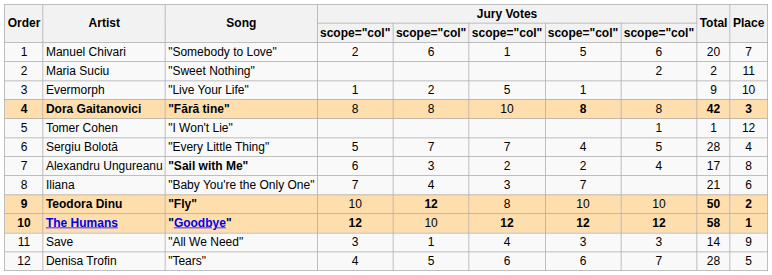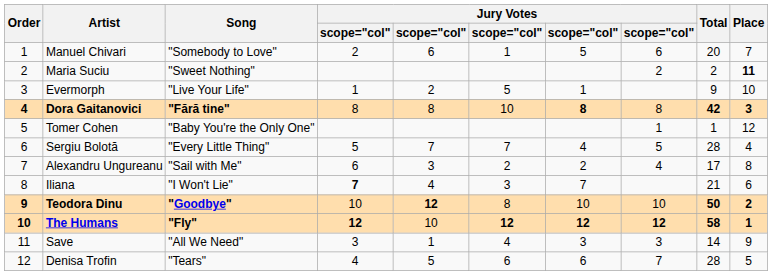 <table class="sortable wikitable" style="margin: 1em auto 1em auto; text-align:center;">
 <tr>
 <th rowspan="2">Order</th>
 <th rowspan="2">Artist</th>
 <th rowspan="2">Song</th>
 <th colspan="5">Jury Votes</th>
 <th rowspan="2">Total</th>
 <th rowspan="2">Place</th>
 </tr>
 <tr>
 <th>scope="col" </th>
 <th>scope="col" </th>
 <th>scope="col" </th>
 <th>scope="col" </th>
 <th>scope="col" </th>
 </tr>
 <tr>
 <td>1</td>
 <td align="left">Manuel Chivari</td>
 <td align="left">"Somebody to Love"</td>
 <td>2</td>
 <td>6</td>
 <td>1</td>
 <td>5</td>
 <td>6</td>
 <td>20</td>
 <td>7</td>
 </tr>
 <tr>
 <td>2</td>
 <td align="left">Maria Suciu</td>
 <td align="left">"Sweet Nothing"</td>
 <td></td>
 <td></td>
 <td></td>
 <td></td>
 <td>2</td>
 <td>2</td>
-<td>11</td>
+<td><strong>11</strong></td>
 </tr>
 <tr>
 <td>3</td>
 <td align="left">Evermorph</td>
 <td align="left">"Live Your Life"</td>
 <td>1</td>
 <td>2</td>
 <td>5</td>
 <td>1</td>
 <td></td>
 <td>9</td>
 <td>10</td>
 </tr>
 <tr style="background:navajowhite;">
 <td><strong>4</strong></td>
 <td align="left"><strong>Dora Gaitanovici</strong></td>
 <td align="left"><strong>"Fără tine"</strong></td>
 <td>8</td>
 <td>8</td>
 <td>10</td>
 <td><strong>8</strong></td>
 <td>8</td>
 <td><strong>42</strong></td>
 <td><strong>3</strong></td>
 </tr>
 <tr>
 <td>5</td>
 <td align="left">Tomer Cohen</td>
-<td align="left">"I Won't Lie"</td>
+<td align="left">"Baby You're the Only One"</td>
 <td></td>
 <td></td>
 <td></td>
 <td></td>
 <td>1</td>
 <td>1</td>
 <td>12</td>
 </tr>
 <tr>
 <td>6</td>
 <td align="left">Sergiu Bolotă</td>
 <td align="left">"Every Little Thing"</td>
 <td>5</td>
 <td>7</td>
 <td>7</td>
 <td>4</td>
 <td>5</td>
 <td>28</td>
 <td>4</td>
 </tr>
 <tr>
 <td>7</td>
 <td align="left">Alexandru Ungureanu</td>
-<td align="left"><strong>"Sail with Me"</strong></td>
+<td align="left">"Sail with Me"</td>
 <td>6</td>
 <td>3</td>
 <td>2</td>
 <td>2</td>
 <td>4</td>
 <td>17</td>
 <td>8</td>
 </tr>
 <tr>
 <td>8</td>
 <td align="left">Iliana</td>
-<td align="left">"Baby You're the Only One"</td>
-<td>7</td>
+<td align="left">"I Won't Lie"</td>
+<td><strong>7</strong></td>
 <td>4</td>
 <td>3</td>
 <td>7</td>
 <td></td>
 <td>21</td>
 <td>6</td>
 </tr>
 <tr style="background:navajowhite;">
 <td><strong>9</strong></td>
 <td align="left"><strong>Teodora Dinu</strong></td>
-<td align="left"><strong>"Fly"</strong></td>
+<td align="left"><strong>"<a href='#'>Goodbye</a>"</strong></td>
 <td>10</td>
 <td><strong>12</strong></td>
 <td>8</td>
 <td>10</td>
 <td>10</td>
 <td><strong>50</strong></td>
 <td><strong>2</strong></td>
 </tr>
 <tr style="background:navajowhite;">
 <td><strong>10</strong></td>
 <td align="left" data-sort-value="Humans, The"><strong><a href='#'>The Humans</a></strong></td>
-<td align="left"><strong>"<a href='#'>Goodbye</a>"</strong></td>
+<td align="left"><strong>"Fly"</strong></td>
 <td><strong>12</strong></td>
 <td>10</td>
 <td><strong>12</strong></td>
 <td><strong>12</strong></td>
 <td><strong>12</strong></td>
 <td><strong>58</strong></td>
 <td><strong>1</strong></td>
 </tr>
 <tr>
 <td>11</td>
 <td align="left">Save</td>
 <td align="left">"All We Need"</td>
 <td>3</td>
 <td>1</td>
 <td>4</td>
 <td>3</td>
 <td>3</td>
 <td>14</td>
 <td>9</td>
 </tr>
 <tr>
 <td>12</td>
 <td align="left">Denisa Trofin</td>
 <td align="left">"Tears"</td>
 <td>4</td>
 <td>5</td>
 <td>6</td>
 <td>6</td>
 <td>7</td>
 <td>28</td>
 <td>5</td>
 </tr>
 </table>
